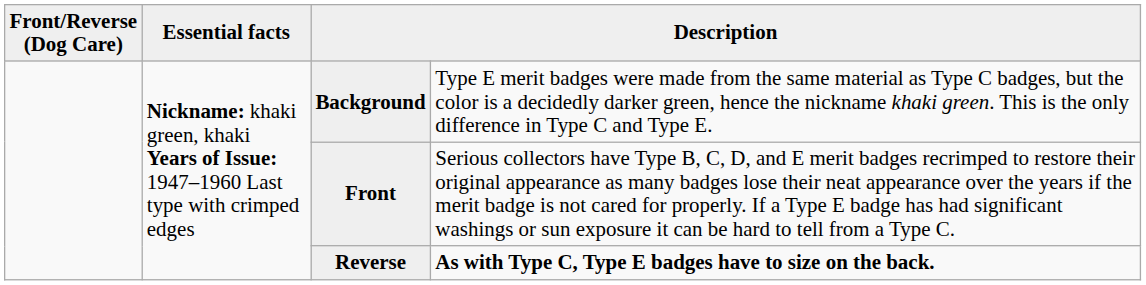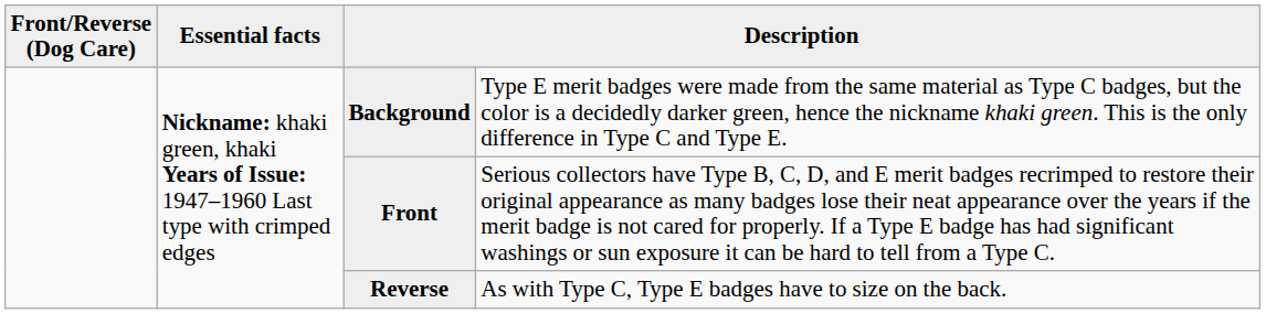 <table class="wikitable">
 <tr>
 <th style="background:#efefef;">Front/Reverse<br>(Dog Care)</th>
 <th style="background:#efefef;">Essential facts</th>
 <th style="background:#efefef;" colspan=2>Description</th>
 </tr>
 <tr>
 <td rowspan=3><br></td>
 <td rowspan=3><strong>Nickname:</strong> khaki green, khaki <br> <strong>Years of Issue:</strong><br> 1947–1960 Last type with crimped edges</td>
 <th style="background:#efefef;">Background</th>
 <td>Type E merit badges were made from the same material as Type C badges, but the color is a decidedly darker green, hence the nickname <em>khaki green</em>. This is the only difference in Type C and Type E.</td>
 </tr>
 <tr>
 <th style="background:#efefef;">Front</th>
 <td>Serious collectors have Type B, C, D, and E merit badges recrimped to restore their original appearance as many badges lose their neat appearance over the years if the merit badge is not cared for properly. If a Type E badge has had significant washings or sun exposure it can be hard to tell from a Type C.</td>
 </tr>
 <tr>
 <th style="background:#efefef;">Reverse</th>
-<td><strong>As with Type C, Type E badges have to size on the back.</strong></td>
+<td>As with Type C, Type E badges have to size on the back.</td>
 </tr>
 </table>
